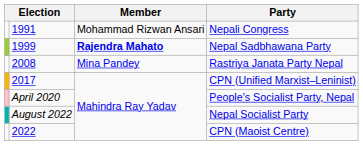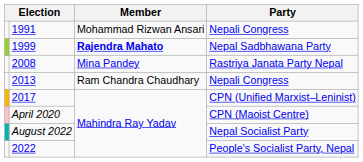 <table class="wikitable">
 <tr>
 <th colspan="2">Election</th>
 <th>Member</th>
 <th>Party</th>
 </tr>
 <tr>
 <td style="background-color:"></td>
 <td><a href='#'>1991</a></td>
 <td>Mohammad Rizwan Ansari</td>
 <td><a href='#'>Nepali Congress</a></td>
 </tr>
 <tr>
 <td style="background-color:yellowgreen"></td>
 <td><a href='#'>1999</a></td>
 <td><strong><a href='#'>Rajendra Mahato</a></strong></td>
 <td><a href='#'>Nepal Sadbhawana Party</a></td>
 </tr>
 <tr>
 <td style="background-color:"></td>
 <td><a href='#'>2008</a></td>
 <td><a href='#'>Mina Pandey</a></td>
 <td><a href='#'>Rastriya Janata Party Nepal</a></td>
 </tr>
 <tr>
+<td style="background-color:"></td>
+<td><a href='#'>2013</a></td>
+<td>Ram Chandra Chaudhary</td>
+<td><a href='#'>Nepali Congress</a></td>
+</tr>
+<tr>
 <td style="background-color:#ffb300"></td>
 <td><a href='#'>2017</a></td>
 <td rowspan="4"><a href='#'>Mahindra Ray Yadav</a></td>
 <td><a href='#'>CPN (Unified Marxist–Leninist)</a></td>
 </tr>
 <tr>
 <td style="background-color:pink"></td>
 <td><em>April 2020</em></td>
-<td><a href='#'>People's Socialist Party, Nepal</a></td>
+<td><a href='#'>CPN (Maoist Centre)</a></td>
 </tr>
 <tr>
 <td style="background-color:#00B2B2"></td>
 <td><em>August 2022</em></td>
 <td><a href='#'>Nepal Socialist Party</a></td>
 </tr>
 <tr>
 <td></td>
 <td><a href='#'>2022</a></td>
-<td><a href='#'>CPN (Maoist Centre)</a></td>
+<td><a href='#'>People's Socialist Party, Nepal</a></td>
 </tr>
 </table>
